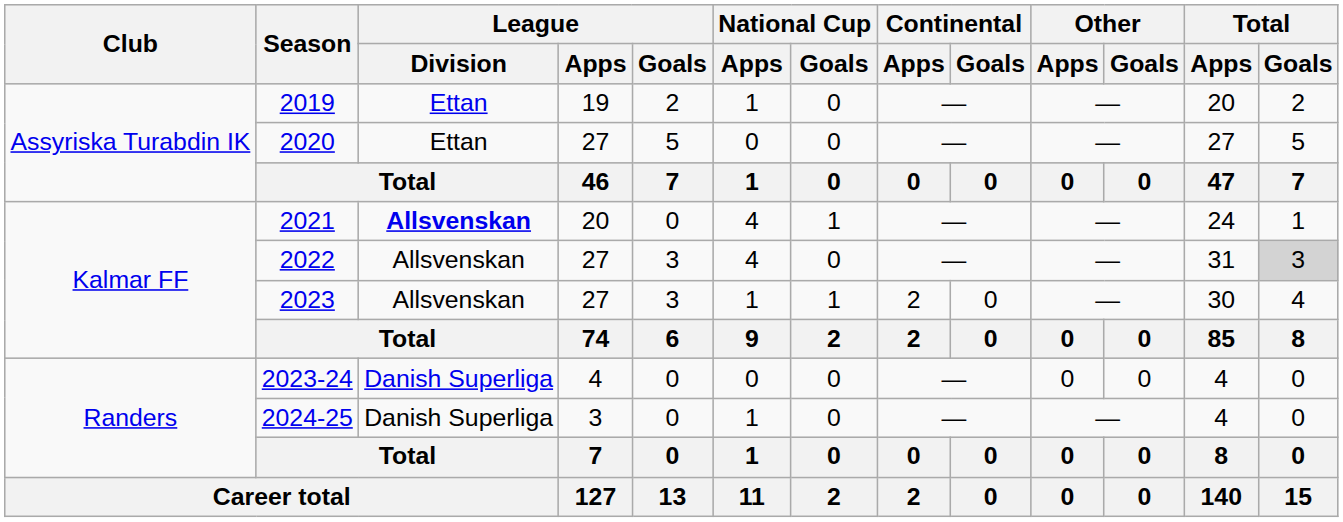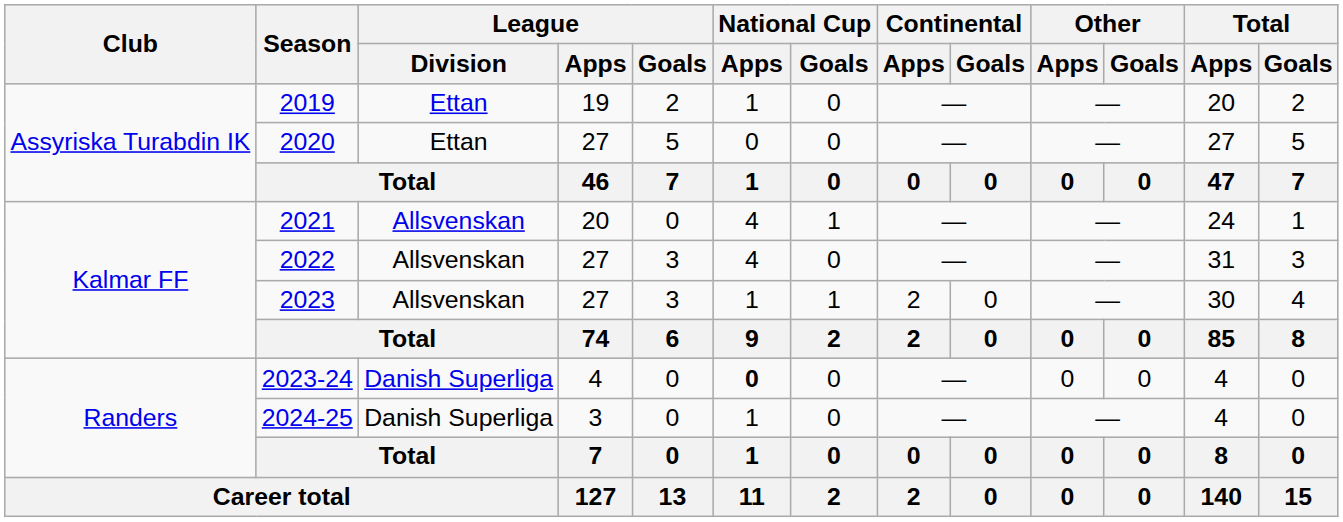 <table class="wikitable" style="text-align:center">
 <tr>
 <th rowspan="2">Club</th>
 <th rowspan="2">Season</th>
 <th colspan="3">League</th>
 <th colspan="2">National Cup</th>
 <th colspan="2">Continental</th>
 <th colspan="2">Other</th>
 <th colspan="2">Total</th>
 </tr>
 <tr>
 <th>Division</th>
 <th>Apps</th>
 <th>Goals</th>
 <th>Apps</th>
 <th>Goals</th>
 <th>Apps</th>
 <th>Goals</th>
 <th>Apps</th>
 <th>Goals</th>
 <th>Apps</th>
 <th>Goals</th>
 </tr>
 <tr>
 <td rowspan="3"><a href='#'>Assyriska Turabdin IK</a></td>
 <td><a href='#'>2019</a></td>
 <td><a href='#'>Ettan</a></td>
 <td>19</td>
 <td>2</td>
 <td>1</td>
 <td>0</td>
 <td colspan="2">—</td>
 <td colspan="2">—</td>
 <td>20</td>
 <td>2</td>
 </tr>
 <tr>
 <td><a href='#'>2020</a></td>
 <td>Ettan</td>
 <td>27</td>
 <td>5</td>
 <td>0</td>
 <td>0</td>
 <td colspan="2">—</td>
 <td colspan="2">—</td>
 <td>27</td>
 <td>5</td>
 </tr>
 <tr>
 <th colspan="2">Total</th>
 <th>46</th>
 <th>7</th>
 <th>1</th>
 <th>0</th>
 <th>0</th>
 <th>0</th>
 <th>0</th>
 <th>0</th>
 <th>47</th>
 <th>7</th>
 </tr>
 <tr>
 <td rowspan="4"><a href='#'>Kalmar FF</a></td>
 <td><a href='#'>2021</a></td>
-<td><strong><a href='#'>Allsvenskan</a></strong></td>
+<td><a href='#'>Allsvenskan</a></td>
 <td>20</td>
 <td>0</td>
 <td>4</td>
 <td>1</td>
 <td colspan="2">—</td>
 <td colspan="2">—</td>
 <td>24</td>
 <td>1</td>
 </tr>
 <tr>
 <td><a href='#'>2022</a></td>
 <td>Allsvenskan</td>
 <td>27</td>
 <td>3</td>
 <td>4</td>
 <td>0</td>
 <td colspan="2">—</td>
 <td colspan="2">—</td>
 <td>31</td>
-<td style="background: lightgrey;">3</td>
+<td>3</td>
 </tr>
 <tr>
 <td><a href='#'>2023</a></td>
 <td>Allsvenskan</td>
 <td>27</td>
 <td>3</td>
 <td>1</td>
 <td>1</td>
 <td>2</td>
 <td>0</td>
 <td colspan="2">—</td>
 <td>30</td>
 <td>4</td>
 </tr>
 <tr>
 <th colspan="2">Total</th>
 <th>74</th>
 <th>6</th>
 <th>9</th>
 <th>2</th>
 <th>2</th>
 <th>0</th>
 <th>0</th>
 <th>0</th>
 <th>85</th>
 <th>8</th>
 </tr>
 <tr>
 <td rowspan="3"><a href='#'>Randers</a></td>
 <td><a href='#'>2023-24</a></td>
 <td><a href='#'>Danish Superliga</a></td>
 <td>4</td>
 <td>0</td>
-<td>0</td>
+<td><strong>0</strong></td>
 <td>0</td>
 <td colspan="2">—</td>
 <td>0</td>
 <td>0</td>
 <td>4</td>
 <td>0</td>
 </tr>
 <tr>
 <td><a href='#'>2024-25</a></td>
 <td>Danish Superliga</td>
 <td>3</td>
 <td>0</td>
 <td>1</td>
 <td>0</td>
 <td colspan="2">—</td>
 <td colspan="2">—</td>
 <td>4</td>
 <td>0</td>
 </tr>
 <tr>
 <th colspan="2">Total</th>
 <th>7</th>
 <th>0</th>
 <th>1</th>
 <th>0</th>
 <th>0</th>
 <th>0</th>
 <th>0</th>
 <th>0</th>
 <th>8</th>
 <th>0</th>
 </tr>
 <tr>
 <th colspan="3">Career total</th>
 <th>127</th>
 <th>13</th>
 <th>11</th>
 <th>2</th>
 <th>2</th>
 <th>0</th>
 <th>0</th>
 <th>0</th>
 <th>140</th>
 <th>15</th>
 </tr>
 </table>
